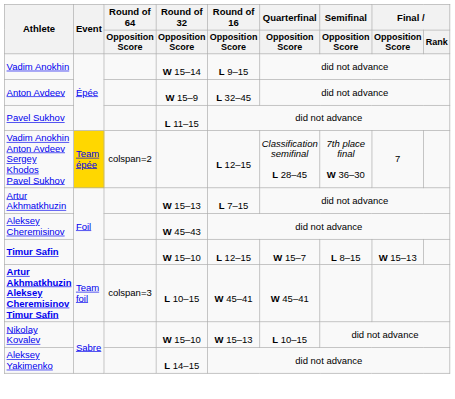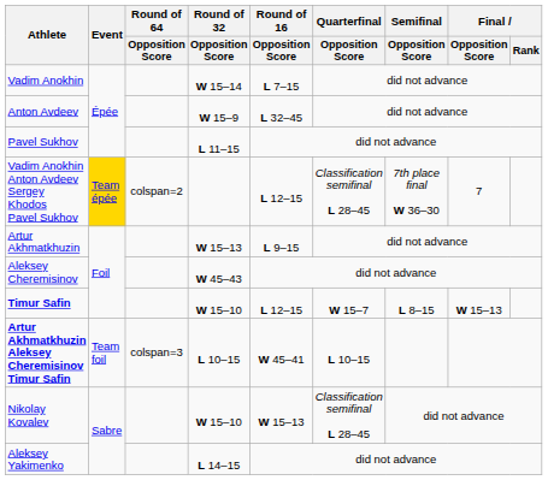 <table class="wikitable" style="font-size:90%">
 <tr>
 <th rowspan=2>Athlete</th>
 <th rowspan=2>Event</th>
 <th>Round of 64</th>
 <th>Round of 32</th>
 <th>Round of 16</th>
 <th>Quarterfinal</th>
 <th>Semifinal</th>
 <th colspan=2>Final / </th>
 </tr>
 <tr style="font-size:95%">
 <th>Opposition<br>Score</th>
 <th>Opposition<br>Score</th>
 <th>Opposition<br>Score</th>
 <th>Opposition<br>Score</th>
 <th>Opposition<br>Score</th>
 <th>Opposition<br>Score</th>
 <th>Rank</th>
 </tr>
 <tr align=center>
 <td align=left><a href='#'>Vadim Anokhin</a></td>
 <td align=left rowspan=3><a href='#'>Épée</a></td>
 <td></td>
 <td><br><strong>W</strong> 15–14</td>
-<td><br><strong>L</strong> 9–15</td>
+<td><br><strong>L</strong> 7–15</td>
 <td colspan=4>did not advance</td>
 </tr>
 <tr align=center>
 <td align=left><a href='#'>Anton Avdeev</a></td>
 <td></td>
 <td><br><strong>W</strong> 15–9</td>
 <td><br><strong>L</strong> 32–45</td>
 <td colspan=4>did not advance</td>
 </tr>
 <tr align=center>
 <td align=left><a href='#'>Pavel Sukhov</a></td>
 <td></td>
 <td><br><strong>L</strong> 11–15</td>
 <td colspan=5>did not advance</td>
 </tr>
 <tr align=center>
 <td align=left><a href='#'>Vadim Anokhin</a><br><a href='#'>Anton Avdeev</a><br><a href='#'>Sergey Khodos</a><br><a href='#'>Pavel Sukhov</a></td>
 <td align=left style="background: gold;"><a href='#'>Team épée</a></td>
 <td>colspan=2 </td>
 <td></td>
 <td><br><strong>L</strong> 12–15</td>
 <td><em>Classification semifinal</em><br><br><strong>L</strong> 28–45</td>
 <td><em>7th place final</em><br><br><strong>W</strong> 36–30</td>
 <td>7</td>
 </tr>
 <tr align=center>
 <td align=left><a href='#'>Artur Akhmatkhuzin</a></td>
 <td align=left rowspan=3><a href='#'>Foil</a></td>
 <td></td>
 <td> <br><strong>W</strong> 15–13</td>
-<td><br><strong>L</strong> 7–15</td>
+<td><br><strong>L</strong> 9–15</td>
 <td colspan=4>did not advance</td>
 </tr>
 <tr align=center>
 <td align=left><a href='#'>Aleksey Cheremisinov</a></td>
 <td></td>
 <td><br><strong>W</strong> 45–43</td>
 <td colspan=5>did not advance</td>
 </tr>
 <tr align=center>
 <td align=left><strong><a href='#'>Timur Safin</a></strong></td>
 <td></td>
 <td><br><strong>W</strong> 15–10</td>
 <td><br><strong>L</strong> 12–15</td>
 <td><br> <strong>W</strong> 15–7</td>
 <td><br> <strong>L</strong> 8–15</td>
 <td><br><strong>W</strong> 15–13</td>
 <td></td>
 </tr>
 <tr align=center>
 <td align=left><strong><a href='#'>Artur Akhmatkhuzin</a><br><a href='#'>Aleksey Cheremisinov</a><br><a href='#'>Timur Safin</a></strong></td>
 <td align=left><a href='#'>Team foil</a></td>
 <td>colspan=3 </td>
 <td><br><strong>L</strong> 10–15</td>
 <td><br><strong>W</strong> 45–41</td>
-<td><br><strong>W</strong> 45–41</td>
+<td><br><strong>L</strong> 10–15</td>
 <td></td>
 </tr>
 <tr align=center>
 <td align=left><a href='#'>Nikolay Kovalev</a></td>
 <td align=left rowspan=2><a href='#'>Sabre</a></td>
 <td></td>
 <td><br><strong>W</strong> 15–10</td>
 <td><br><strong>W</strong> 15–13</td>
-<td><br><strong>L</strong> 10–15</td>
+<td><em>Classification semifinal</em><br><br><strong>L</strong> 28–45</td>
 <td colspan=3>did not advance</td>
 </tr>
 <tr align=center>
 <td align=left><a href='#'>Aleksey Yakimenko</a></td>
 <td></td>
 <td><br><strong>L</strong> 14–15</td>
 <td colspan=5>did not advance</td>
 </tr>
 </table>
